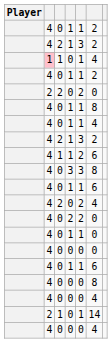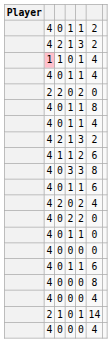 <table class="wikitable sortable plainrowheaders" style="text-align:center;">
 <tr>
 <th scope="col">Player</th>
 <th scope="col"></th>
 <th scope="col"></th>
 <th scope="col"></th>
 <th scope="col"></th>
 <th scope="col"></th>
 <th scope="col" class="unsortable"></th>
 </tr>
 <tr>
 <th scope="row"></th>
 <td>4</td>
 <td>0</td>
 <td>1</td>
 <td>1</td>
 <td>2</td>
 <td align=center></td>
 </tr>
 <tr>
 <th scope="row"></th>
 <td>4</td>
 <td>2</td>
 <td>1</td>
 <td>3</td>
 <td>2</td>
 <td align=center></td>
 </tr>
 <tr>
 <th scope="row"></th>
 <td style="background: pink;">1</td>
 <td>1</td>
 <td>0</td>
 <td>1</td>
 <td>4</td>
 <td align=center></td>
 </tr>
 <tr>
 <th scope="row"></th>
 <td>4</td>
 <td>0</td>
 <td>1</td>
 <td>1</td>
-<td>2</td>
+<td>4</td>
 <td align=center></td>
 </tr>
 <tr>
 <th scope="row"></th>
 <td>2</td>
 <td>2</td>
 <td>0</td>
 <td>2</td>
 <td>0</td>
 <td align=center></td>
 </tr>
 <tr>
 <th scope="row"></th>
 <td>4</td>
 <td>0</td>
 <td>1</td>
 <td>1</td>
 <td>8</td>
 <td align=center></td>
 </tr>
 <tr>
 <th scope="row"></th>
 <td>4</td>
 <td>0</td>
 <td>1</td>
 <td>1</td>
 <td>4</td>
 <td align=center></td>
 </tr>
 <tr>
 <th scope="row"></th>
 <td>4</td>
 <td>2</td>
 <td>1</td>
 <td>3</td>
 <td>2</td>
 <td align=center></td>
 </tr>
 <tr>
 <th scope="row"></th>
 <td>4</td>
 <td>1</td>
 <td>1</td>
 <td>2</td>
 <td>6</td>
 <td align=center></td>
 </tr>
 <tr>
 <th scope="row"></th>
 <td>4</td>
 <td>0</td>
 <td>3</td>
 <td>3</td>
 <td>8</td>
 <td align=center></td>
 </tr>
 <tr>
 <th scope="row"></th>
 <td>4</td>
 <td>0</td>
 <td>1</td>
 <td>1</td>
 <td>6</td>
 <td align=center></td>
 </tr>
 <tr>
 <th scope="row"></th>
 <td>4</td>
 <td>2</td>
 <td>0</td>
 <td>2</td>
 <td>4</td>
 <td align=center></td>
 </tr>
 <tr>
 <th scope="row"></th>
 <td>4</td>
 <td>0</td>
 <td>2</td>
 <td>2</td>
 <td>0</td>
 <td align=center></td>
 </tr>
 <tr>
 <th scope="row"></th>
 <td>4</td>
 <td>0</td>
 <td>1</td>
 <td>1</td>
 <td>0</td>
 <td align=center></td>
 </tr>
 <tr>
 <th scope="row"></th>
 <td>4</td>
 <td>0</td>
 <td>0</td>
 <td>0</td>
 <td>0</td>
 <td align=center></td>
 </tr>
 <tr>
 <th scope="row"></th>
 <td>4</td>
 <td>0</td>
 <td>1</td>
 <td>1</td>
 <td>6</td>
 <td align=center></td>
 </tr>
 <tr>
 <th scope="row"></th>
 <td>4</td>
 <td>0</td>
 <td>0</td>
 <td>0</td>
 <td>8</td>
 <td align=center></td>
 </tr>
 <tr>
 <th scope="row"></th>
 <td>4</td>
 <td>0</td>
 <td>0</td>
 <td>0</td>
 <td>4</td>
 <td align=center></td>
 </tr>
 <tr>
 <th scope="row"></th>
 <td>2</td>
 <td>1</td>
 <td>0</td>
 <td>1</td>
 <td>14</td>
 <td align=center></td>
 </tr>
 <tr>
 <th scope="row"></th>
 <td>4</td>
 <td>0</td>
 <td>0</td>
 <td>0</td>
 <td>4</td>
 <td align=center></td>
 </tr>
 </table>
